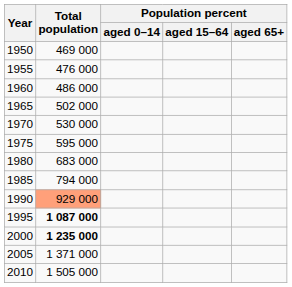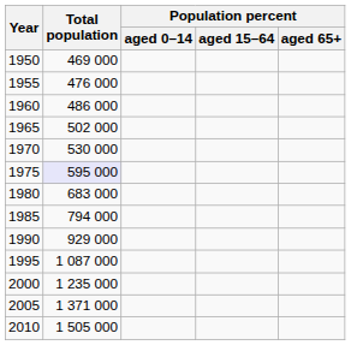 <table class="wikitable" style="text-align: right;">
 <tr>
 <th rowspan=2>Year</th>
 <th rowspan=2 width="80">Total population</th>
 <th colspan=3>Population percent</th>
 </tr>
 <tr>
 <th>aged 0–14</th>
 <th>aged 15–64</th>
 <th>aged 65+</th>
 </tr>
 <tr>
 <td>1950</td>
 <td align=right>469 000</td>
 <td></td>
 <td></td>
 <td></td>
 </tr>
 <tr>
 <td>1955</td>
 <td align=right>476 000</td>
 <td></td>
 <td></td>
 <td></td>
 </tr>
 <tr>
 <td>1960</td>
 <td align=right>486 000</td>
 <td></td>
 <td></td>
 <td></td>
 </tr>
 <tr>
 <td>1965</td>
 <td align=right>502 000</td>
 <td></td>
 <td></td>
 <td></td>
 </tr>
 <tr>
 <td>1970</td>
 <td align=right>530 000</td>
 <td></td>
 <td></td>
 <td></td>
 </tr>
 <tr>
 <td>1975</td>
-<td align=right>595 000</td>
+<td align=right style="background: lavender;">595 000</td>
 <td></td>
 <td></td>
 <td></td>
 </tr>
 <tr>
 <td>1980</td>
 <td align=right>683 000</td>
 <td></td>
 <td></td>
 <td></td>
 </tr>
 <tr>
 <td>1985</td>
 <td align=right>794 000</td>
 <td></td>
 <td></td>
 <td></td>
 </tr>
 <tr>
 <td>1990</td>
-<td align=right style="background: lightsalmon;">929 000</td>
+<td align=right>929 000</td>
 <td></td>
 <td></td>
 <td></td>
 </tr>
 <tr>
 <td>1995</td>
-<td align=right><strong>1 087 000</strong></td>
+<td align=right>1 087 000</td>
 <td></td>
 <td></td>
 <td></td>
 </tr>
 <tr>
 <td>2000</td>
-<td align=right><strong>1 235 000</strong></td>
+<td align=right>1 235 000</td>
 <td></td>
 <td></td>
 <td></td>
 </tr>
 <tr>
 <td>2005</td>
 <td align=right>1 371 000</td>
 <td></td>
 <td></td>
 <td></td>
 </tr>
 <tr>
 <td>2010</td>
 <td align=right>1 505 000</td>
 <td></td>
 <td></td>
 <td></td>
 </tr>
 </table>
